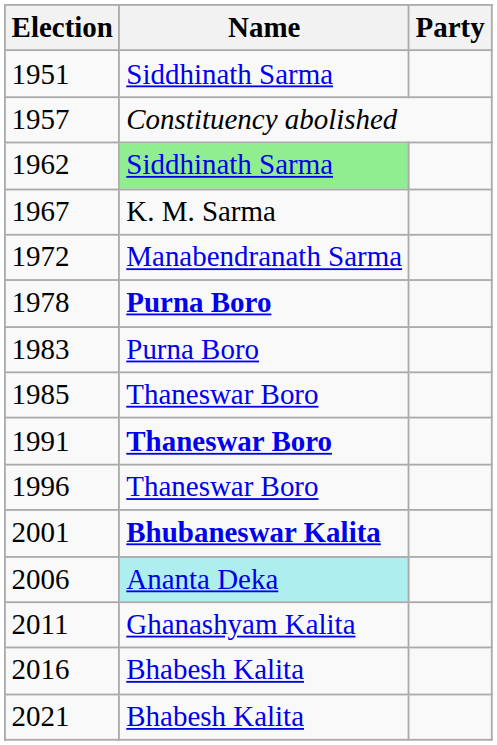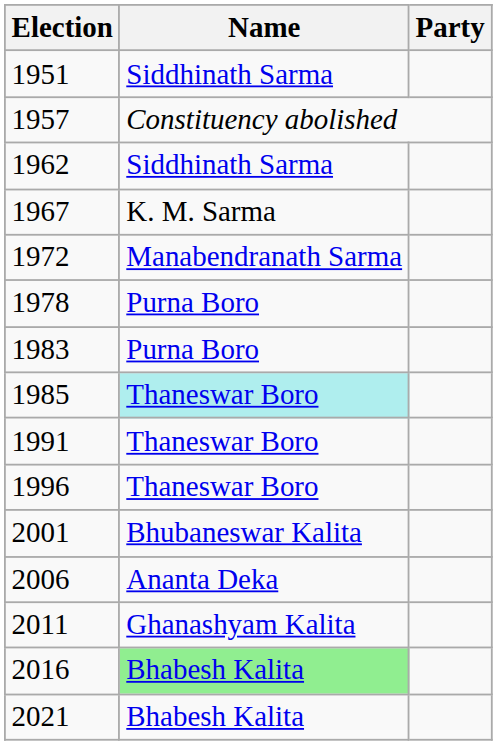 <table class="wikitable sortable">
 <tr>
 <th>Election</th>
 <th>Name</th>
 <th colspan=2>Party</th>
 </tr>
 <tr>
 <td>1951</td>
 <td><a href='#'>Siddhinath Sarma</a></td>
 <td></td>
 </tr>
 <tr>
 <td>1957</td>
 <td colspan=3><em>Constituency abolished</em></td>
 </tr>
 <tr>
 <td>1962</td>
-<td style="background: lightgreen;"><a href='#'>Siddhinath Sarma</a></td>
+<td><a href='#'>Siddhinath Sarma</a></td>
 <td></td>
 </tr>
 <tr>
 <td>1967</td>
 <td>K. M. Sarma</td>
 <td></td>
 </tr>
 <tr>
 <td>1972</td>
 <td><a href='#'>Manabendranath Sarma</a></td>
 <td></td>
 </tr>
 <tr>
 <td>1978</td>
-<td><strong><a href='#'>Purna Boro</a></strong></td>
+<td><a href='#'>Purna Boro</a></td>
 <td></td>
 </tr>
 <tr>
 <td>1983</td>
 <td><a href='#'>Purna Boro</a></td>
 <td></td>
 </tr>
 <tr>
 <td>1985</td>
-<td><a href='#'>Thaneswar Boro</a></td>
+<td style="background: paleturquoise;"><a href='#'>Thaneswar Boro</a></td>
 <td></td>
 </tr>
 <tr>
 <td>1991</td>
-<td><strong><a href='#'>Thaneswar Boro</a></strong></td>
+<td><a href='#'>Thaneswar Boro</a></td>
 <td></td>
 </tr>
 <tr>
 <td>1996</td>
 <td><a href='#'>Thaneswar Boro</a></td>
 <td></td>
 </tr>
 <tr>
 <td>2001</td>
-<td><strong><a href='#'>Bhubaneswar Kalita</a></strong></td>
+<td><a href='#'>Bhubaneswar Kalita</a></td>
 <td></td>
 </tr>
 <tr>
 <td>2006</td>
-<td style="background: paleturquoise;"><a href='#'>Ananta Deka</a></td>
+<td><a href='#'>Ananta Deka</a></td>
 <td></td>
 </tr>
 <tr>
 <td>2011</td>
 <td><a href='#'>Ghanashyam Kalita</a></td>
 <td></td>
 </tr>
 <tr>
 <td>2016</td>
-<td><a href='#'>Bhabesh Kalita</a></td>
+<td style="background: lightgreen;"><a href='#'>Bhabesh Kalita</a></td>
 <td></td>
 </tr>
 <tr>
 <td>2021</td>
 <td><a href='#'>Bhabesh Kalita</a></td>
 <td></td>
 </tr>
 </table>
